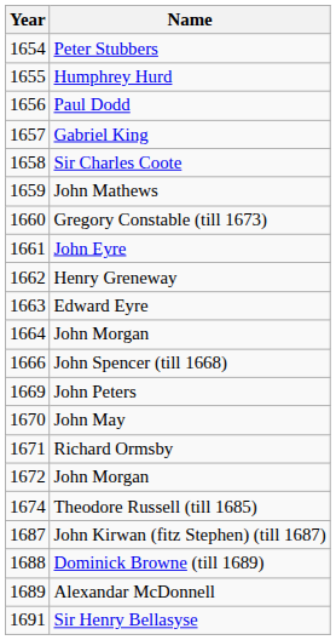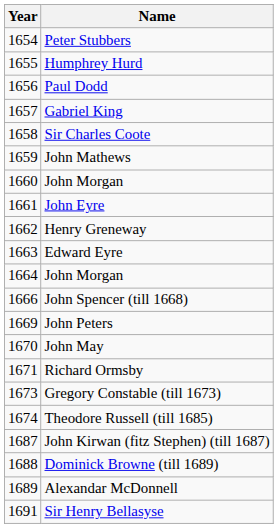 <table class="wikitable">
 <tr>
 <th>Year</th>
 <th>Name</th>
 </tr>
 <tr>
 <td>1654</td>
 <td><a href='#'>Peter Stubbers</a></td>
 </tr>
 <tr>
 <td>1655</td>
 <td><a href='#'>Humphrey Hurd</a></td>
 </tr>
 <tr>
 <td>1656</td>
 <td><a href='#'>Paul Dodd</a></td>
 </tr>
 <tr>
 <td>1657</td>
 <td><a href='#'>Gabriel King</a></td>
 </tr>
 <tr>
 <td>1658</td>
 <td><a href='#'>Sir Charles Coote</a></td>
 </tr>
 <tr>
 <td>1659</td>
 <td>John Mathews</td>
 </tr>
 <tr>
 <td>1660</td>
-<td>Gregory Constable (till 1673)</td>
+<td>John Morgan</td>
 </tr>
 <tr>
 <td>1661</td>
 <td><a href='#'>John Eyre</a></td>
 </tr>
 <tr>
 <td>1662</td>
 <td>Henry Greneway</td>
 </tr>
 <tr>
 <td>1663</td>
 <td>Edward Eyre</td>
 </tr>
 <tr>
 <td>1664</td>
 <td>John Morgan</td>
 </tr>
 <tr>
 <td>1666</td>
 <td>John Spencer (till 1668)</td>
 </tr>
 <tr>
 <td>1669</td>
 <td>John Peters</td>
 </tr>
 <tr>
 <td>1670</td>
 <td>John May</td>
 </tr>
 <tr>
 <td>1671</td>
 <td>Richard Ormsby</td>
 </tr>
 <tr>
-<td>1672</td>
-<td>John Morgan</td>
+<td>1673</td>
+<td>Gregory Constable (till 1673)</td>
 </tr>
 <tr>
 <td>1674</td>
 <td>Theodore Russell (till 1685)</td>
 </tr>
 <tr>
 <td>1687</td>
 <td>John Kirwan (fitz Stephen) (till 1687)</td>
 </tr>
 <tr>
 <td>1688</td>
 <td><a href='#'>Dominick Browne</a> (till 1689)</td>
 </tr>
 <tr>
 <td>1689</td>
 <td>Alexandar McDonnell</td>
 </tr>
 <tr>
 <td>1691</td>
 <td><a href='#'>Sir Henry Bellasyse</a></td>
 </tr>
 </table>
